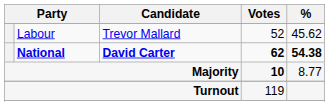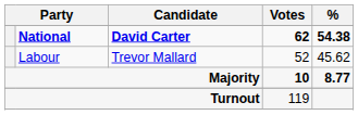 <table class="wikitable" style="font-size: 95%;">
 <tr style="background-color:#E9E9E9">
 <th colspan="2" style="width: 100px">Party</th>
 <th style="width: 170px">Candidate</th>
 <th style="width: 50px">Votes</th>
 <th style="width: 40px">%</th>
 </tr>
 <tr>
 </tr>
 <tr>
+<th width=5 style="background-color: "></th>
+<td style="width: 100px"><strong><a href='#'>National</a></strong></td>
+<td style="width: 170px"><strong><a href='#'>David Carter</a></strong></td>
+<td align="right"><strong>62</strong></td>
+<td align="right"><strong>54.38</strong></td>
+</tr>
+<tr>
 <th style="background-color: "></th>
 <td style="width: 100px"><a href='#'>Labour</a></td>
 <td style="width: 170px"><a href='#'>Trevor Mallard</a></td>
 <td align="right">52</td>
 <td align="right">45.62</td>
 </tr>
-<tr>
-<th width=5 style="background-color: "></th>
-<td style="width: 100px"><strong><a href='#'>National</a></strong></td>
-<td style="width: 170px"><strong><a href='#'>David Carter</a></strong></td>
-<td align="right"><strong>62</strong></td>
-<td align="right"><strong>54.38</strong></td>
-</tr>
 <tr style="background-color:#F6F6F6">
 <td colspan="3" align="right"><strong>Majority</strong></td>
 <td align="right"><strong>10</strong></td>
-<td align="right">8.77</td>
+<td align="right"><strong>8.77</strong></td>
 </tr>
 <tr>
 </tr>
 <tr style="background-color:#F6F6F6">
 <td colspan="3" align="right"><strong>Turnout</strong></td>
 <td align="right">119</td>
 <td></td>
 </tr>
 <tr>
 </tr>
 <tr style="background-color:#F6F6F6">
 </tr>
 </table>
